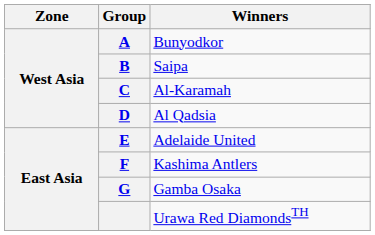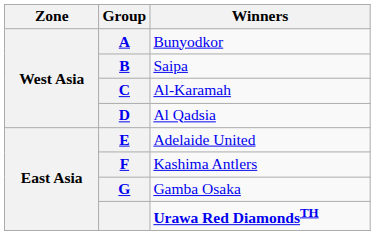 <table class="wikitable">
 <tr>
 <th width="90">Zone</th>
 <th>Group</th>
 <th width="220">Winners</th>
 </tr>
 <tr>
 <th rowspan="4">West Asia</th>
 <th><a href='#'>A</a></th>
 <td> <a href='#'>Bunyodkor</a></td>
 </tr>
 <tr>
 <th><a href='#'>B</a></th>
 <td> <a href='#'>Saipa</a></td>
 </tr>
 <tr>
 <th><a href='#'>C</a></th>
 <td> <a href='#'>Al-Karamah</a></td>
 </tr>
 <tr>
 <th><a href='#'>D</a></th>
 <td> <a href='#'>Al Qadsia</a></td>
 </tr>
 <tr>
 <th rowspan="4">East Asia</th>
 <th><a href='#'>E</a></th>
 <td> <a href='#'>Adelaide United</a></td>
 </tr>
 <tr>
 <th><a href='#'>F</a></th>
 <td> <a href='#'>Kashima Antlers</a></td>
 </tr>
 <tr>
 <th><a href='#'>G</a></th>
 <td> <a href='#'>Gamba Osaka</a></td>
 </tr>
 <tr>
 <th></th>
-<td> <a href='#'>Urawa Red Diamonds</a><sup><a href='#'>TH</a></sup></td>
+<td><strong> <a href='#'>Urawa Red Diamonds</a><sup><a href='#'>TH</a></sup></strong></td>
 </tr>
 </table>
